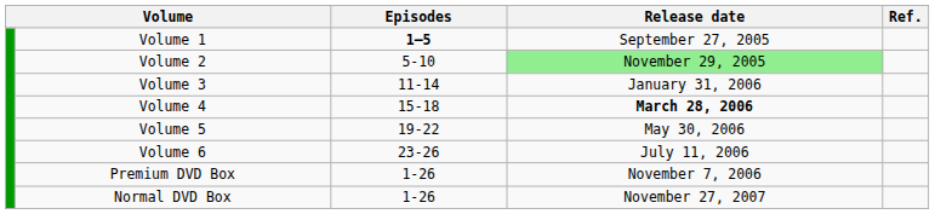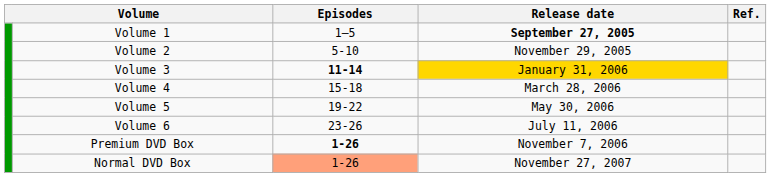 <table class="wikitable" style="text-align: center; width: 98%;">
 <tr>
 <th colspan="2">Volume</th>
 <th>Episodes</th>
 <th>Release date</th>
 <th width="5%">Ref.</th>
 </tr>
 <tr>
 <td rowspan="9" width="1%" style="background: #009900;"></td>
 <td>Volume 1</td>
-<td><strong>1–5</strong></td>
-<td>September 27, 2005</td>
+<td>1–5</td>
+<td><strong>September 27, 2005</strong></td>
 <td></td>
 </tr>
 <tr>
 <td>Volume 2</td>
 <td>5-10</td>
-<td style="background: lightgreen;">November 29, 2005</td>
+<td>November 29, 2005</td>
 <td></td>
 </tr>
 <tr>
 <td>Volume 3</td>
-<td>11-14</td>
-<td>January 31, 2006</td>
+<td><strong>11-14</strong></td>
+<td style="background: gold;">January 31, 2006</td>
 <td></td>
 </tr>
 <tr>
 <td>Volume 4</td>
 <td>15-18</td>
-<td><strong>March 28, 2006</strong></td>
+<td>March 28, 2006</td>
 <td></td>
 </tr>
 <tr>
 <td>Volume 5</td>
 <td>19-22</td>
 <td>May 30, 2006</td>
 <td></td>
 </tr>
 <tr>
 <td>Volume 6</td>
 <td>23-26</td>
 <td>July 11, 2006</td>
 <td></td>
 </tr>
 <tr>
 <td>Premium DVD Box</td>
-<td>1-26</td>
+<td><strong>1-26</strong></td>
 <td>November 7, 2006</td>
 <td></td>
 </tr>
 <tr>
 <td>Normal DVD Box</td>
-<td>1-26</td>
+<td style="background: lightsalmon;">1-26</td>
 <td>November 27, 2007</td>
 <td></td>
 </tr>
 </table>
